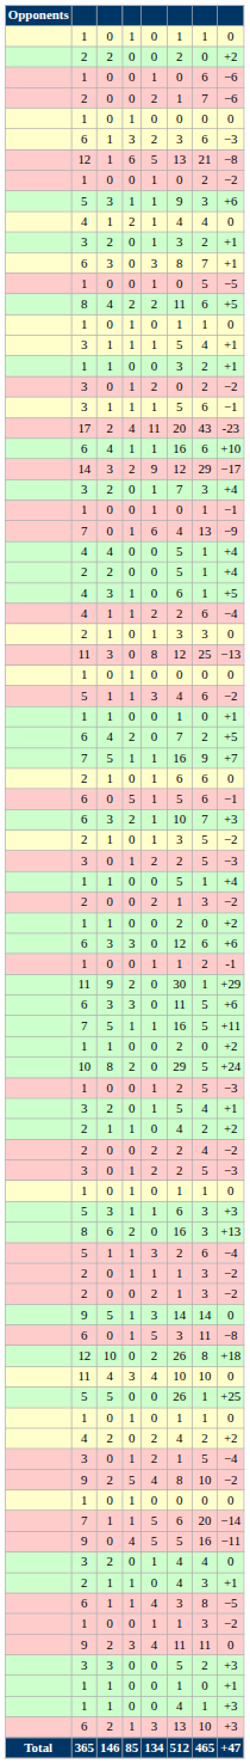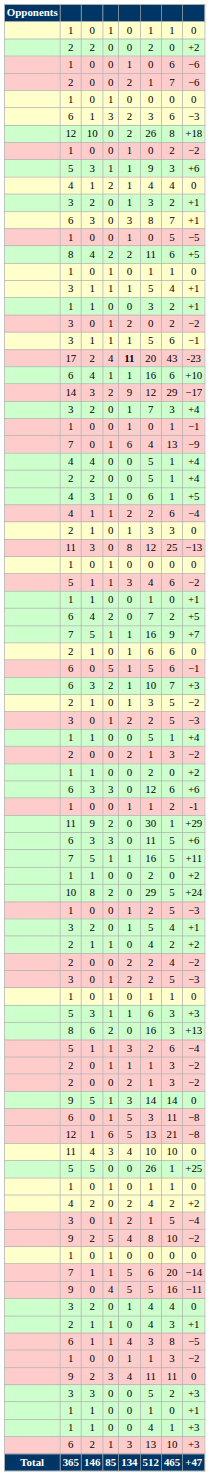 <table class="wikitable sortable collapsible epxanded" style="text-align: center; font-size: 100%;">
 <tr style="color:white;">
 <th style="background:#003665; color:white; ">Opponents</th>
 <th style="background:#003665; color:white; "></th>
 <th style="background:#003665; color:white; "></th>
 <th style="background:#003665; color:white; "></th>
 <th style="background:#003665; color:white; "></th>
 <th style="background:#003665; color:white; "></th>
 <th style="background:#003665; color:white; "></th>
 <th style="background:#003665; color:white; "></th>
 </tr>
 <tr bgcolor=#FFFFCC>
 <td align="left"></td>
 <td>1</td>
 <td>0</td>
 <td>1</td>
 <td>0</td>
 <td>1</td>
 <td>1</td>
 <td>0</td>
 </tr>
 <tr bgcolor=#CCFFCC>
 <td align="left"></td>
 <td>2</td>
 <td>2</td>
 <td>0</td>
 <td>0</td>
 <td>2</td>
 <td>0</td>
 <td>+2</td>
 </tr>
 <tr bgcolor=#FFCCCC>
 <td align="left"></td>
 <td>1</td>
 <td>0</td>
 <td>0</td>
 <td>1</td>
 <td>0</td>
 <td>6</td>
 <td>−6</td>
 </tr>
 <tr bgcolor=#FFCCCC>
 <td align="left"></td>
 <td>2</td>
 <td>0</td>
 <td>0</td>
 <td>2</td>
 <td>1</td>
 <td>7</td>
 <td>−6</td>
 </tr>
 <tr bgcolor=#FFFFCC>
 <td align="left"></td>
 <td>1</td>
 <td>0</td>
 <td>1</td>
 <td>0</td>
 <td>0</td>
 <td>0</td>
 <td>0</td>
 </tr>
 <tr bgcolor=#FFFFCC>
 <td align="left"></td>
 <td>6</td>
 <td>1</td>
 <td>3</td>
 <td>2</td>
 <td>3</td>
 <td>6</td>
 <td>−3</td>
 </tr>
-<tr bgcolor=#FFCCCC>
+<tr bgcolor=#CCFFCC>
 <td align="left"></td>
 <td>12</td>
-<td>1</td>
-<td>6</td>
-<td>5</td>
-<td>13</td>
-<td>21</td>
-<td>−8</td>
+<td>10</td>
+<td>0</td>
+<td>2</td>
+<td>26</td>
+<td>8</td>
+<td>+18</td>
 </tr>
 <tr bgcolor=#FFCCCC>
 <td align="left"></td>
 <td>1</td>
 <td>0</td>
 <td>0</td>
 <td>1</td>
 <td>0</td>
 <td>2</td>
 <td>−2</td>
 </tr>
 <tr bgcolor=#CCFFCC>
 <td align="left"></td>
 <td>5</td>
 <td>3</td>
 <td>1</td>
 <td>1</td>
 <td>9</td>
 <td>3</td>
 <td>+6</td>
 </tr>
 <tr bgcolor=#FFFFCC>
 <td align="left"></td>
 <td>4</td>
 <td>1</td>
 <td>2</td>
 <td>1</td>
 <td>4</td>
 <td>4</td>
 <td>0</td>
 </tr>
 <tr bgcolor=#CCFFCC>
 <td align="left"></td>
 <td>3</td>
 <td>2</td>
 <td>0</td>
 <td>1</td>
 <td>3</td>
 <td>2</td>
 <td>+1</td>
 </tr>
 <tr bgcolor=#FFFFCC>
 <td align="left"></td>
 <td>6</td>
 <td>3</td>
 <td>0</td>
 <td>3</td>
 <td>8</td>
 <td>7</td>
 <td>+1</td>
 </tr>
 <tr bgcolor=#FFCCCC>
 <td align="left"></td>
 <td>1</td>
 <td>0</td>
 <td>0</td>
 <td>1</td>
 <td>0</td>
 <td>5</td>
 <td>−5</td>
 </tr>
 <tr bgcolor=#CCFFCC>
 <td align="left"></td>
 <td>8</td>
 <td>4</td>
 <td>2</td>
 <td>2</td>
 <td>11</td>
 <td>6</td>
 <td>+5</td>
 </tr>
 <tr bgcolor=#FFFFCC>
 <td align="left"></td>
 <td>1</td>
 <td>0</td>
 <td>1</td>
 <td>0</td>
 <td>1</td>
 <td>1</td>
 <td>0</td>
 </tr>
 <tr bgcolor=#FFFFCC>
 <td align="left"></td>
 <td>3</td>
 <td>1</td>
 <td>1</td>
 <td>1</td>
 <td>5</td>
 <td>4</td>
 <td>+1</td>
 </tr>
 <tr bgcolor=#CCFFCC>
 <td align="left"></td>
 <td>1</td>
 <td>1</td>
 <td>0</td>
 <td>0</td>
 <td>3</td>
 <td>2</td>
 <td>+1</td>
 </tr>
 <tr bgcolor=#FFCCCC>
 <td align="left"></td>
 <td>3</td>
 <td>0</td>
 <td>1</td>
 <td>2</td>
 <td>0</td>
 <td>2</td>
 <td>−2</td>
 </tr>
 <tr bgcolor=#FFFFCC>
 <td align="left"></td>
 <td>3</td>
 <td>1</td>
 <td>1</td>
 <td>1</td>
 <td>5</td>
 <td>6</td>
 <td>−1</td>
 </tr>
 <tr bgcolor=#FFCCCC>
 <td align="left"></td>
 <td>17</td>
 <td>2</td>
 <td>4</td>
-<td>11</td>
+<td><strong>11</strong></td>
 <td>20</td>
 <td>43</td>
 <td>-23</td>
 </tr>
 <tr bgcolor=#CCFFCC>
 <td align="left"></td>
 <td>6</td>
 <td>4</td>
 <td>1</td>
 <td>1</td>
 <td>16</td>
 <td>6</td>
 <td>+10</td>
 </tr>
 <tr bgcolor=#FFCCCC>
 <td align="left"></td>
 <td>14</td>
 <td>3</td>
 <td>2</td>
 <td>9</td>
 <td>12</td>
 <td>29</td>
 <td>−17</td>
 </tr>
 <tr bgcolor=#CCFFCC>
 <td align="left"></td>
 <td>3</td>
 <td>2</td>
 <td>0</td>
 <td>1</td>
 <td>7</td>
 <td>3</td>
 <td>+4</td>
 </tr>
 <tr bgcolor=#FFCCCC>
 <td align="left"></td>
 <td>1</td>
 <td>0</td>
 <td>0</td>
 <td>1</td>
 <td>0</td>
 <td>1</td>
 <td>−1</td>
 </tr>
 <tr bgcolor=#FFCCCC>
 <td align="left"></td>
 <td>7</td>
 <td>0</td>
 <td>1</td>
 <td>6</td>
 <td>4</td>
 <td>13</td>
 <td>−9</td>
 </tr>
 <tr bgcolor=#CCFFCC>
 <td align="left"></td>
 <td>4</td>
 <td>4</td>
 <td>0</td>
 <td>0</td>
 <td>5</td>
 <td>1</td>
 <td>+4</td>
 </tr>
 <tr bgcolor=#CCFFCC>
 <td align="left"></td>
 <td>2</td>
 <td>2</td>
 <td>0</td>
 <td>0</td>
 <td>5</td>
 <td>1</td>
 <td>+4</td>
 </tr>
 <tr bgcolor=#CCFFCC>
 <td align="left"></td>
 <td>4</td>
 <td>3</td>
 <td>1</td>
 <td>0</td>
 <td>6</td>
 <td>1</td>
 <td>+5</td>
 </tr>
 <tr bgcolor=#FFCCCC>
 <td align="left"></td>
 <td>4</td>
 <td>1</td>
 <td>1</td>
 <td>2</td>
 <td>2</td>
 <td>6</td>
 <td>−4</td>
 </tr>
 <tr bgcolor=#FFFFCC>
 <td align="left"></td>
 <td>2</td>
 <td>1</td>
 <td>0</td>
 <td>1</td>
 <td>3</td>
 <td>3</td>
 <td>0</td>
 </tr>
 <tr bgcolor=#FFCCCC>
 <td align="left"></td>
 <td>11</td>
 <td>3</td>
 <td>0</td>
 <td>8</td>
 <td>12</td>
 <td>25</td>
 <td>−13</td>
 </tr>
 <tr bgcolor=#FFFFCC>
 <td align="left"></td>
 <td>1</td>
 <td>0</td>
 <td>1</td>
 <td>0</td>
 <td>0</td>
 <td>0</td>
 <td>0</td>
 </tr>
 <tr bgcolor=#FFCCCC>
 <td align="left"></td>
 <td>5</td>
 <td>1</td>
 <td>1</td>
 <td>3</td>
 <td>4</td>
 <td>6</td>
 <td>−2</td>
 </tr>
 <tr bgcolor=#CCFFCC>
 <td align="left"></td>
 <td>1</td>
 <td>1</td>
 <td>0</td>
 <td>0</td>
 <td>1</td>
 <td>0</td>
 <td>+1</td>
 </tr>
 <tr bgcolor=#CCFFCC>
 <td align="left"></td>
 <td>6</td>
 <td>4</td>
 <td>2</td>
 <td>0</td>
 <td>7</td>
 <td>2</td>
 <td>+5</td>
 </tr>
 <tr bgcolor=#CCFFCC>
 <td align="left"></td>
 <td>7</td>
 <td>5</td>
 <td>1</td>
 <td>1</td>
 <td>16</td>
 <td>9</td>
 <td>+7</td>
 </tr>
 <tr bgcolor=#FFFFCC>
 <td align="left"></td>
 <td>2</td>
 <td>1</td>
 <td>0</td>
 <td>1</td>
 <td>6</td>
 <td>6</td>
 <td>0</td>
 </tr>
 <tr bgcolor=#FFCCCC>
 <td align="left"></td>
 <td>6</td>
 <td>0</td>
 <td>5</td>
 <td>1</td>
 <td>5</td>
 <td>6</td>
 <td>−1</td>
 </tr>
 <tr bgcolor=#CCFFCC>
 <td align="left"></td>
 <td>6</td>
 <td>3</td>
 <td>2</td>
 <td>1</td>
 <td>10</td>
 <td>7</td>
 <td>+3</td>
 </tr>
 <tr bgcolor=#FFFFCC>
 <td align="left"></td>
 <td>2</td>
 <td>1</td>
 <td>0</td>
 <td>1</td>
 <td>3</td>
 <td>5</td>
 <td>−2</td>
 </tr>
 <tr bgcolor=#FFCCCC>
 <td align="left"></td>
 <td>3</td>
 <td>0</td>
 <td>1</td>
 <td>2</td>
 <td>2</td>
 <td>5</td>
 <td>−3</td>
 </tr>
 <tr bgcolor=#CCFFCC>
 <td align="left"></td>
 <td>1</td>
 <td>1</td>
 <td>0</td>
 <td>0</td>
 <td>5</td>
 <td>1</td>
 <td>+4</td>
 </tr>
 <tr bgcolor=#FFCCCC>
 <td align="left"></td>
 <td>2</td>
 <td>0</td>
 <td>0</td>
 <td>2</td>
 <td>1</td>
 <td>3</td>
 <td>−2</td>
 </tr>
 <tr bgcolor=#CCFFCC>
 <td align="left"></td>
 <td>1</td>
 <td>1</td>
 <td>0</td>
 <td>0</td>
 <td>2</td>
 <td>0</td>
 <td>+2</td>
 </tr>
 <tr bgcolor=#CCFFCC>
 <td align="left"></td>
 <td>6</td>
 <td>3</td>
 <td>3</td>
 <td>0</td>
 <td>12</td>
 <td>6</td>
 <td>+6</td>
 </tr>
 <tr bgcolor=#FFCCCC>
 <td align="left"></td>
 <td>1</td>
 <td>0</td>
 <td>0</td>
 <td>1</td>
 <td>1</td>
 <td>2</td>
 <td>-1</td>
 </tr>
 <tr bgcolor=#CCFFCC>
 <td align="left"></td>
 <td>11</td>
 <td>9</td>
 <td>2</td>
 <td>0</td>
 <td>30</td>
 <td>1</td>
 <td>+29</td>
 </tr>
 <tr bgcolor=#CCFFCC>
 <td align="left"></td>
 <td>6</td>
 <td>3</td>
 <td>3</td>
 <td>0</td>
 <td>11</td>
 <td>5</td>
 <td>+6</td>
 </tr>
 <tr bgcolor=#CCFFCC>
 <td align="left"></td>
 <td>7</td>
 <td>5</td>
 <td>1</td>
 <td>1</td>
 <td>16</td>
 <td>5</td>
 <td>+11</td>
 </tr>
 <tr bgcolor=#CCFFCC>
 <td align="left"></td>
 <td>1</td>
 <td>1</td>
 <td>0</td>
 <td>0</td>
 <td>2</td>
 <td>0</td>
 <td>+2</td>
 </tr>
 <tr bgcolor=#CCFFCC>
 <td align="left"></td>
 <td>10</td>
 <td>8</td>
 <td>2</td>
 <td>0</td>
 <td>29</td>
 <td>5</td>
 <td>+24</td>
 </tr>
 <tr bgcolor=#FFCCCC>
 <td align="left"></td>
 <td>1</td>
 <td>0</td>
 <td>0</td>
 <td>1</td>
 <td>2</td>
 <td>5</td>
 <td>−3</td>
 </tr>
 <tr bgcolor=#CCFFCC>
 <td align="left"></td>
 <td>3</td>
 <td>2</td>
 <td>0</td>
 <td>1</td>
 <td>5</td>
 <td>4</td>
 <td>+1</td>
 </tr>
 <tr bgcolor=#CCFFCC>
 <td align="left"></td>
 <td>2</td>
 <td>1</td>
 <td>1</td>
 <td>0</td>
 <td>4</td>
 <td>2</td>
 <td>+2</td>
 </tr>
 <tr bgcolor=#FFCCCC>
 <td align="left"></td>
 <td>2</td>
 <td>0</td>
 <td>0</td>
 <td>2</td>
 <td>2</td>
 <td>4</td>
 <td>−2</td>
 </tr>
 <tr bgcolor=#FFCCCC>
 <td align="left"></td>
 <td>3</td>
 <td>0</td>
 <td>1</td>
 <td>2</td>
 <td>2</td>
 <td>5</td>
 <td>−3</td>
 </tr>
 <tr bgcolor=#FFFFCC>
 <td align="left"></td>
 <td>1</td>
 <td>0</td>
 <td>1</td>
 <td>0</td>
 <td>1</td>
 <td>1</td>
 <td>0</td>
 </tr>
 <tr bgcolor=#CCFFCC>
 <td align="left"></td>
 <td>5</td>
 <td>3</td>
 <td>1</td>
 <td>1</td>
 <td>6</td>
 <td>3</td>
 <td>+3</td>
 </tr>
 <tr bgcolor=#CCFFCC>
 <td align="left"></td>
 <td>8</td>
 <td>6</td>
 <td>2</td>
 <td>0</td>
 <td>16</td>
 <td>3</td>
 <td>+13</td>
 </tr>
 <tr bgcolor=#FFCCCC>
 <td align="left"></td>
 <td>5</td>
 <td>1</td>
 <td>1</td>
 <td>3</td>
 <td>2</td>
 <td>6</td>
 <td>−4</td>
 </tr>
 <tr bgcolor=#FFCCCC>
 <td align="left"></td>
 <td>2</td>
 <td>0</td>
 <td>1</td>
 <td>1</td>
 <td>1</td>
 <td>3</td>
 <td>−2</td>
 </tr>
 <tr bgcolor=#FFCCCC>
 <td align="left"></td>
 <td>2</td>
 <td>0</td>
 <td>0</td>
 <td>2</td>
 <td>1</td>
 <td>3</td>
 <td>−2</td>
 </tr>
 <tr bgcolor=#CCFFCC>
 <td align="left"></td>
 <td>9</td>
 <td>5</td>
 <td>1</td>
 <td>3</td>
 <td>14</td>
 <td>14</td>
 <td>0</td>
 </tr>
 <tr bgcolor=#FFCCCC>
 <td align="left"></td>
 <td>6</td>
 <td>0</td>
 <td>1</td>
 <td>5</td>
 <td>3</td>
 <td>11</td>
 <td>−8</td>
 </tr>
-<tr bgcolor=#CCFFCC>
+<tr bgcolor=#FFCCCC>
 <td align="left"></td>
 <td>12</td>
-<td>10</td>
-<td>0</td>
-<td>2</td>
-<td>26</td>
-<td>8</td>
-<td>+18</td>
+<td>1</td>
+<td>6</td>
+<td>5</td>
+<td>13</td>
+<td>21</td>
+<td>−8</td>
 </tr>
 <tr bgcolor=#FFFFCC>
 <td align="left"></td>
 <td>11</td>
 <td>4</td>
 <td>3</td>
 <td>4</td>
 <td>10</td>
 <td>10</td>
 <td>0</td>
 </tr>
 <tr bgcolor=#CCFFCC>
 <td align="left"></td>
 <td>5</td>
 <td>5</td>
 <td>0</td>
 <td>0</td>
 <td>26</td>
 <td>1</td>
 <td>+25</td>
 </tr>
 <tr bgcolor=#FFFFCC>
 <td align="left"></td>
 <td>1</td>
 <td>0</td>
 <td>1</td>
 <td>0</td>
 <td>1</td>
 <td>1</td>
 <td>0</td>
 </tr>
 <tr bgcolor=#FFFFCC>
 <td align="left"></td>
 <td>4</td>
 <td>2</td>
 <td>0</td>
 <td>2</td>
 <td>4</td>
 <td>2</td>
 <td>+2</td>
 </tr>
 <tr bgcolor=#FFCCCC>
 <td align="left"><em></em></td>
 <td>3</td>
 <td>0</td>
 <td>1</td>
 <td>2</td>
 <td>1</td>
 <td>5</td>
 <td>−4</td>
 </tr>
 <tr bgcolor=#FFCCCC>
 <td align="left"></td>
 <td>9</td>
 <td>2</td>
 <td>5</td>
 <td>4</td>
 <td>8</td>
 <td>10</td>
 <td>−2</td>
 </tr>
 <tr bgcolor=#FFFFCC>
 <td align="left"></td>
 <td>1</td>
 <td>0</td>
 <td>1</td>
 <td>0</td>
 <td>0</td>
 <td>0</td>
 <td>0</td>
 </tr>
 <tr bgcolor=#FFCCCC>
 <td align="left"></td>
 <td>7</td>
 <td>1</td>
 <td>1</td>
 <td>5</td>
 <td>6</td>
 <td>20</td>
 <td>−14</td>
 </tr>
 <tr bgcolor=#FFCCCC>
 <td align="left"></td>
 <td>9</td>
 <td>0</td>
 <td>4</td>
 <td>5</td>
 <td>5</td>
 <td>16</td>
 <td>−11</td>
 </tr>
 <tr bgcolor=#CCFFCC>
 <td align="left"></td>
 <td>3</td>
 <td>2</td>
 <td>0</td>
 <td>1</td>
 <td>4</td>
 <td>4</td>
 <td>0</td>
 </tr>
 <tr bgcolor=#CCFFCC>
 <td align="left"></td>
 <td>2</td>
 <td>1</td>
 <td>1</td>
 <td>0</td>
 <td>4</td>
 <td>3</td>
 <td>+1</td>
 </tr>
 <tr bgcolor=#FFCCCC>
 <td align="left"></td>
 <td>6</td>
 <td>1</td>
 <td>1</td>
 <td>4</td>
 <td>3</td>
 <td>8</td>
 <td>−5</td>
 </tr>
 <tr bgcolor=#FFCCCC>
 <td align="left"></td>
 <td>1</td>
 <td>0</td>
 <td>0</td>
 <td>1</td>
 <td>1</td>
 <td>3</td>
 <td>−2</td>
 </tr>
 <tr bgcolor=#FFCCCC>
 <td align="left"></td>
 <td>9</td>
 <td>2</td>
 <td>3</td>
 <td>4</td>
 <td>11</td>
 <td>11</td>
 <td>0</td>
 </tr>
 <tr bgcolor=#CCFFCC>
 <td align="left"></td>
 <td>3</td>
 <td>3</td>
 <td>0</td>
 <td>0</td>
 <td>5</td>
 <td>2</td>
 <td>+3</td>
 </tr>
 <tr bgcolor=#CCFFCC>
 <td align="left"></td>
 <td>1</td>
 <td>1</td>
 <td>0</td>
 <td>0</td>
 <td>1</td>
 <td>0</td>
 <td>+1</td>
 </tr>
 <tr bgcolor=#CCFFCC>
 <td align="left"></td>
 <td>1</td>
 <td>1</td>
 <td>0</td>
 <td>0</td>
 <td>4</td>
 <td>1</td>
 <td>+3</td>
 </tr>
 <tr bgcolor=#FFCCCC>
 <td align="left"></td>
 <td>6</td>
 <td>2</td>
 <td>1</td>
 <td>3</td>
 <td>13</td>
 <td>10</td>
 <td>+3</td>
 </tr>
 <tr class="sortbottom">
 <td colspan="1" style="background:#003665; color:white; "><strong>Total </strong></td>
 <td style="background:#003665; color:white; "><strong>365</strong></td>
 <td style="background:#003665; color:white; "><strong>146</strong></td>
 <td style="background:#003665; color:white; "><strong>85</strong></td>
 <td style="background:#003665; color:white; "><strong>134</strong></td>
 <td style="background:#003665; color:white; "><strong>512</strong></td>
 <td style="background:#003665; color:white; "><strong>465</strong></td>
 <td style="background:#003665; color:white; "><strong>+47</strong></td>
 </tr>
 </table>
